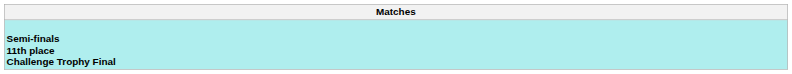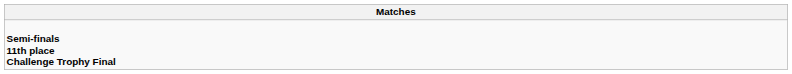 <table class="wikitable collapsible collapsed" style="width:100%;">
 <tr>
 <th>Matches</th>
 </tr>
 <tr>
-<td style="background: paleturquoise;"><br><strong>Semi-finals</strong>  <br><strong>11th place</strong> <br><strong>Challenge Trophy Final</strong> </td>
+<td><br><strong>Semi-finals</strong>  <br><strong>11th place</strong> <br><strong>Challenge Trophy Final</strong> </td>
 </tr>
 </table>
